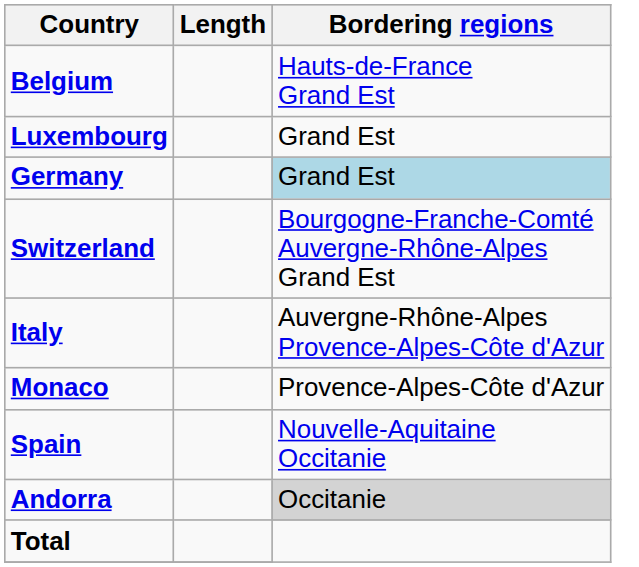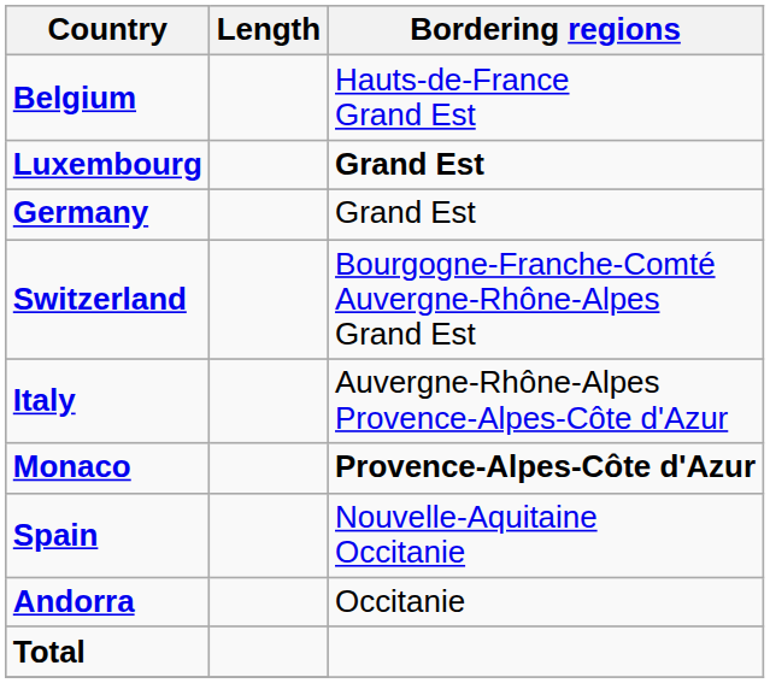 <table class="wikitable sortable">
 <tr>
 <th>Country</th>
 <th>Length</th>
 <th class="unsortable">Bordering <a href='#'>regions</a></th>
 </tr>
 <tr>
 <td> <strong><a href='#'>Belgium</a></strong></td>
 <td></td>
 <td><a href='#'>Hauts-de-France</a><br><a href='#'>Grand Est</a></td>
 </tr>
 <tr>
 <td> <strong><a href='#'>Luxembourg</a></strong></td>
 <td></td>
-<td>Grand Est</td>
+<td><strong>Grand Est</strong></td>
 </tr>
 <tr>
 <td> <strong><a href='#'>Germany</a></strong></td>
 <td></td>
-<td style="background: lightblue;">Grand Est</td>
+<td>Grand Est</td>
 </tr>
 <tr>
 <td> <strong><a href='#'>Switzerland</a></strong></td>
 <td></td>
 <td><a href='#'>Bourgogne-Franche-Comté</a><br><a href='#'>Auvergne-Rhône-Alpes</a> <br> Grand Est</td>
 </tr>
 <tr>
 <td> <strong><a href='#'>Italy</a></strong></td>
 <td></td>
 <td>Auvergne-Rhône-Alpes<br><a href='#'>Provence-Alpes-Côte d'Azur</a></td>
 </tr>
 <tr>
 <td> <strong><a href='#'>Monaco</a></strong></td>
 <td></td>
-<td>Provence-Alpes-Côte d'Azur</td>
+<td><strong>Provence-Alpes-Côte d'Azur</strong></td>
 </tr>
 <tr>
 <td> <strong><a href='#'>Spain</a></strong></td>
 <td></td>
 <td><a href='#'>Nouvelle-Aquitaine</a><br><a href='#'>Occitanie</a></td>
 </tr>
 <tr>
 <td> <strong><a href='#'>Andorra</a></strong></td>
 <td></td>
-<td style="background: lightgrey;">Occitanie</td>
+<td>Occitanie</td>
 </tr>
 <tr Monaco>
 <td><strong>Total</strong></td>
 <td><strong></strong></td>
 </tr>
 <tr>
 </tr>
 </table>
